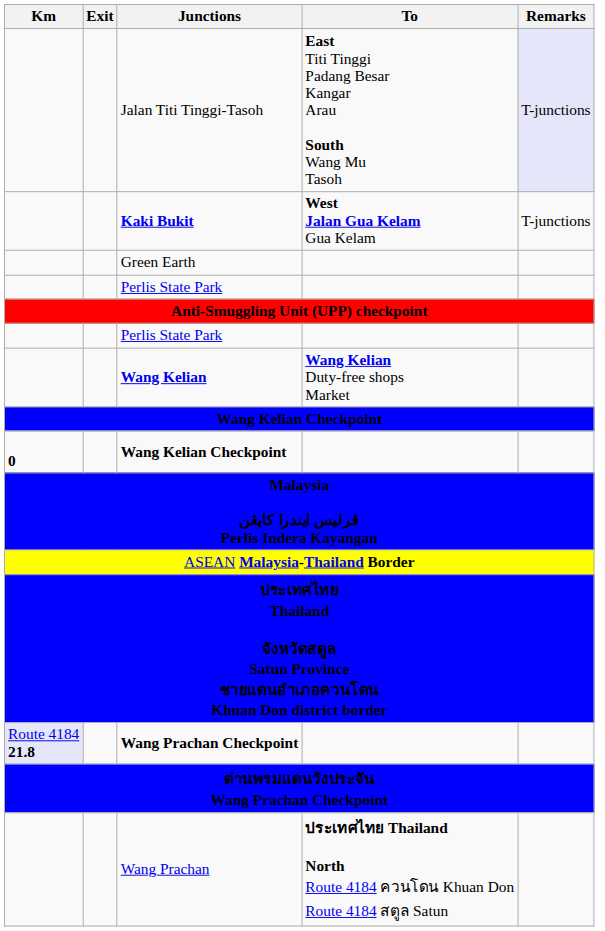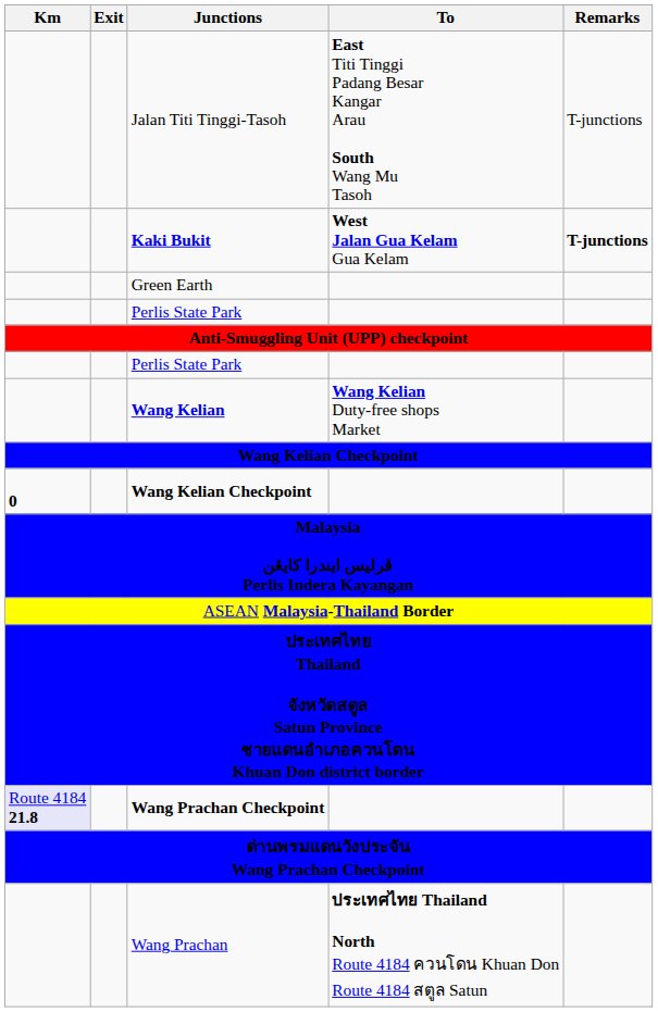 <table class="wikitable">
 <tr>
 <th>Km</th>
 <th>Exit</th>
 <th>Junctions</th>
 <th>To</th>
 <th>Remarks</th>
 </tr>
 <tr>
 <td></td>
 <td></td>
 <td>Jalan Titi Tinggi-Tasoh</td>
 <td><strong>East</strong><br> Titi Tinggi<br> Padang Besar<br> Kangar<br> Arau<br><br><strong>South</strong><br> Wang Mu<br> Tasoh</td>
-<td style="background: lavender;">T-junctions</td>
+<td>T-junctions</td>
 </tr>
 <tr>
 <td></td>
 <td></td>
 <td><strong><a href='#'>Kaki Bukit</a></strong></td>
 <td><strong>West</strong><br> <strong><a href='#'>Jalan Gua Kelam</a></strong><br>Gua Kelam</td>
-<td>T-junctions</td>
+<td><strong>T-junctions</strong></td>
 </tr>
 <tr>
 <td></td>
 <td></td>
 <td>Green Earth</td>
 <td></td>
 <td></td>
 </tr>
 <tr>
 <td></td>
 <td></td>
 <td><a href='#'>Perlis State Park</a></td>
 <td></td>
 <td></td>
 </tr>
 <tr>
 <td colspan="6" style="width:600px; text-align:center; background:red;"><strong><span>Anti-Smuggling Unit (UPP) checkpoint</span></strong></td>
 </tr>
 <tr>
 <td></td>
 <td></td>
 <td><a href='#'>Perlis State Park</a></td>
 <td></td>
 <td></td>
 </tr>
 <tr>
 <td></td>
 <td></td>
 <td><strong><a href='#'>Wang Kelian</a></strong></td>
 <td><strong><a href='#'>Wang Kelian</a></strong><br>Duty-free shops <br>Market <br>     </td>
 <td></td>
 </tr>
 <tr>
 <td colspan="6" style="width:600px; text-align:center; background:blue;"><strong><span>Wang Kelian Checkpoint</span></strong></td>
 </tr>
 <tr>
 <td><br><strong>0</strong></td>
 <td></td>
 <td><strong>Wang Kelian Checkpoint</strong></td>
 <td></td>
 <td></td>
 </tr>
 <tr>
 <td colspan="6" style="width:600px; text-align:center; background:blue;"><strong><span>Malaysia<br><br>ڤرليس ايندرا كايڠن<br>Perlis Indera Kayangan</span></strong></td>
 </tr>
 <tr>
 <td colspan="6" style="width:600px; text-align:center; background:yellow;"><span><a href='#'>ASEAN</a> <strong><a href='#'>Malaysia</a>-<a href='#'>Thailand</a> Border</strong></span></td>
 </tr>
 <tr>
 <td colspan="6" style="width:600px; text-align:center; background:blue;"><strong><span>ประเทศไทย<br>Thailand <br><br>จังหวัดสตูล<br>Satun Province<br>ชายแดนอำเภอควนโดน<br>Khuan Don district border</span></strong></td>
 </tr>
 <tr>
 <td style="background: lavender;"> <a href='#'>Route 4184</a><br><strong>21.8</strong></td>
 <td></td>
 <td><strong>Wang Prachan Checkpoint</strong></td>
 <td></td>
 <td></td>
 </tr>
 <tr>
 <td colspan="6" style="width:600px; text-align:center; background:blue;"><strong><span>ด่านพรมแดนวังประจัน<br>Wang Prachan Checkpoint</span></strong></td>
 </tr>
 <tr>
 <td></td>
 <td></td>
 <td><a href='#'>Wang Prachan</a></td>
 <td> <strong>ประเทศไทย Thailand</strong><br><br><strong>North</strong><br> <a href='#'>Route 4184</a> ควนโดน Khuan Don<br> <a href='#'>Route 4184</a> สตูล  Satun</td>
 <td></td>
 </tr>
 </table>
